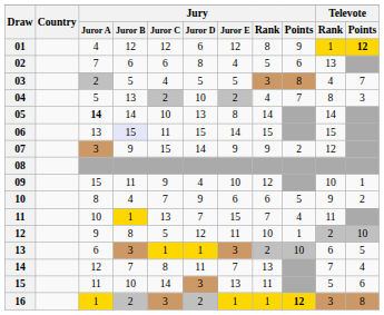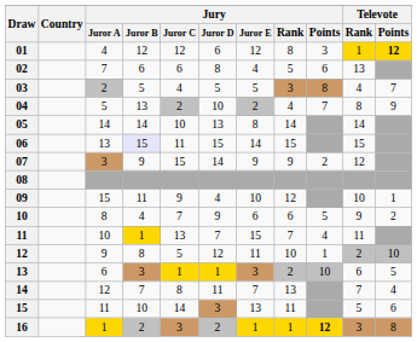 <table class="sortable wikitable collapsible plainrowheaders" style="text-align:center;">
 <tr>
 </tr>
 <tr>
 <th scope="col" rowspan="2">Draw</th>
 <th scope="col" rowspan="2">Country</th>
 <th scope="col" colspan="7">Jury</th>
 <th scope="col" colspan="2">Televote</th>
 </tr>
 <tr>
 <th scope="col"><small>Juror A</small></th>
 <th scope="col"><small>Juror B</small></th>
 <th scope="col"><small>Juror C</small></th>
 <th scope="col"><small>Juror D</small></th>
 <th scope="col"><small>Juror E</small></th>
 <th scope="col">Rank</th>
 <th scope="col">Points</th>
 <th scope="col">Rank</th>
 <th scope="col">Points</th>
 </tr>
 <tr>
 <th scope="row" style="text-align:center;">01</th>
 <td style="text-align:left;"></td>
 <td>4</td>
 <td>12</td>
 <td>12</td>
 <td>6</td>
 <td>12</td>
 <td>8</td>
-<td>9</td>
+<td>3</td>
 <td style="background:gold;">1</td>
 <td style="background:gold;"><strong>12</strong></td>
 </tr>
 <tr>
 <th scope="row" style="text-align:center;">02</th>
 <td style="text-align:left;"></td>
 <td>7</td>
 <td>6</td>
 <td>6</td>
 <td>8</td>
 <td>4</td>
 <td>5</td>
 <td>6</td>
 <td>13</td>
 <td style="background:#AAAAAA;"></td>
 </tr>
 <tr>
 <th scope="row" style="text-align:center;">03</th>
 <td style="text-align:left;"></td>
 <td style="background:silver;">2</td>
 <td>5</td>
 <td>4</td>
 <td>5</td>
 <td>5</td>
 <td style="background:#CC9966;">3</td>
 <td style="background:#CC9966;">8</td>
 <td>4</td>
 <td>7</td>
 </tr>
 <tr>
 <th scope="row" style="text-align:center;">04</th>
 <td style="text-align:left;"></td>
 <td>5</td>
 <td>13</td>
 <td style="background:silver;">2</td>
 <td>10</td>
 <td style="background:silver;">2</td>
 <td>4</td>
 <td>7</td>
 <td>8</td>
-<td>3</td>
+<td>9</td>
 </tr>
 <tr>
 <th scope="row" style="text-align:center;">05</th>
 <td style="text-align:left;"></td>
-<td><strong>14</strong></td>
+<td>14</td>
 <td>14</td>
 <td>10</td>
 <td>13</td>
 <td>8</td>
 <td>14</td>
 <td style="background:#AAAAAA;"></td>
 <td>14</td>
 <td style="background:#AAAAAA;"></td>
 </tr>
 <tr>
 <th scope="row" style="text-align:center;">06</th>
 <td style="text-align:left;"></td>
 <td>13</td>
 <td style="background: lavender;">15</td>
 <td>11</td>
 <td>15</td>
 <td>14</td>
 <td>15</td>
 <td style="background:#AAAAAA;"></td>
 <td>15</td>
 <td style="background:#AAAAAA;"></td>
 </tr>
 <tr>
 <th scope="row" style="text-align:center;">07</th>
 <td style="text-align:left;"></td>
 <td style="background:#CC9966;">3</td>
 <td>9</td>
 <td>15</td>
 <td>14</td>
 <td>9</td>
 <td>9</td>
 <td>2</td>
 <td>12</td>
 <td style="background:#AAAAAA;"></td>
 </tr>
 <tr class="sortbottom">
 <th scope="row" style="text-align:center;">08</th>
 <td style="text-align:left;"></td>
 <td style="background:#AAAAAA;"></td>
 <td style="background:#AAAAAA;"></td>
 <td style="background:#AAAAAA;"></td>
 <td style="background:#AAAAAA;"></td>
 <td style="background:#AAAAAA;"></td>
 <td style="background:#AAAAAA;"></td>
 <td style="background:#AAAAAA;"></td>
 <td style="background:#AAAAAA;"></td>
 <td style="background:#AAAAAA;"></td>
 </tr>
 <tr>
 <th scope="row" style="text-align:center;">09</th>
 <td style="text-align:left;"></td>
 <td>15</td>
 <td>11</td>
 <td>9</td>
 <td>4</td>
 <td>10</td>
 <td>12</td>
 <td style="background:#AAAAAA;"></td>
 <td>10</td>
 <td>1</td>
 </tr>
 <tr>
 <th scope="row" style="text-align:center;">10</th>
 <td style="text-align:left;"></td>
 <td>8</td>
 <td>4</td>
 <td>7</td>
 <td>9</td>
 <td>6</td>
 <td>6</td>
 <td>5</td>
 <td>9</td>
 <td>2</td>
 </tr>
 <tr>
 <th scope="row" style="text-align:center;">11</th>
 <td style="text-align:left;"></td>
 <td>10</td>
 <td style="background:gold;">1</td>
 <td>13</td>
 <td>7</td>
 <td>15</td>
 <td>7</td>
 <td>4</td>
 <td>11</td>
 <td style="background:#AAAAAA;"></td>
 </tr>
 <tr>
 <th scope="row" style="text-align:center;">12</th>
 <td style="text-align:left;"></td>
 <td>9</td>
 <td>8</td>
 <td>5</td>
 <td>12</td>
 <td>11</td>
 <td>10</td>
 <td>1</td>
 <td style="background:silver;">2</td>
 <td style="background:silver;">10</td>
 </tr>
 <tr>
 <th scope="row" style="text-align:center;">13</th>
 <td style="text-align:left;"></td>
 <td>6</td>
 <td style="background:#CC9966;">3</td>
 <td style="background:gold;">1</td>
 <td style="background:gold;">1</td>
 <td style="background:#CC9966;">3</td>
 <td style="background:silver;">2</td>
 <td style="background:silver;">10</td>
 <td>6</td>
 <td>5</td>
 </tr>
 <tr>
 <th scope="row" style="text-align:center;">14</th>
 <td style="text-align:left;"></td>
 <td>12</td>
 <td>7</td>
 <td>8</td>
 <td>11</td>
 <td>7</td>
 <td>13</td>
 <td style="background:#AAAAAA;"></td>
 <td>7</td>
 <td>4</td>
 </tr>
 <tr>
 <th scope="row" style="text-align:center;">15</th>
 <td style="text-align:left;"></td>
 <td>11</td>
 <td>10</td>
 <td>14</td>
 <td style="background:#CC9966;">3</td>
 <td>13</td>
 <td>11</td>
 <td style="background:#AAAAAA;"></td>
 <td>5</td>
 <td>6</td>
 </tr>
 <tr>
 <th scope="row" style="text-align:center;">16</th>
 <td style="text-align:left;"></td>
 <td style="background:gold;">1</td>
 <td style="background:silver;">2</td>
 <td style="background:#CC9966;">3</td>
 <td style="background:silver;">2</td>
 <td style="background:gold;">1</td>
 <td style="background:gold;">1</td>
 <td style="background:gold;"><strong>12</strong></td>
 <td style="background:#CC9966;">3</td>
 <td style="background:#CC9966;">8</td>
 </tr>
 </table>
